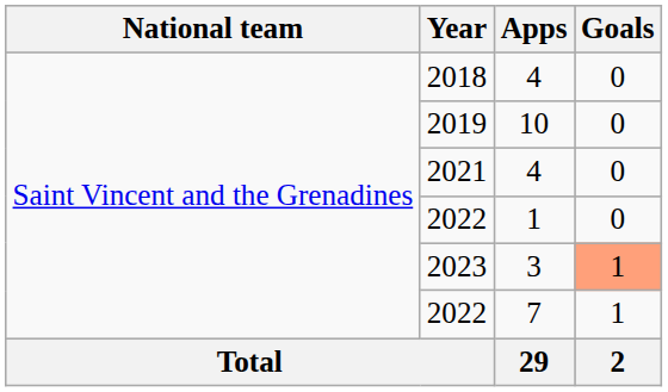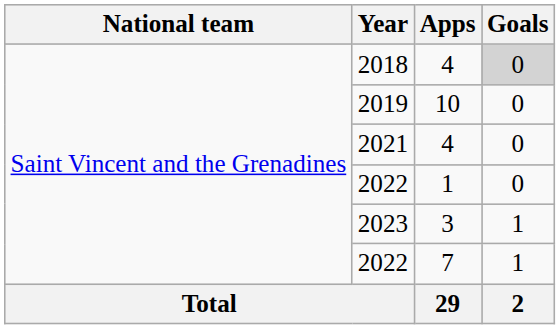 <table class="wikitable" style="text-align:center">
 <tr>
 <th>National team</th>
 <th>Year</th>
 <th>Apps</th>
 <th>Goals</th>
 </tr>
 <tr>
 <td rowspan="6"><a href='#'>Saint Vincent and the Grenadines</a></td>
 <td>2018</td>
 <td>4</td>
-<td>0</td>
+<td style="background: lightgrey;">0</td>
 </tr>
 <tr>
 <td>2019</td>
 <td>10</td>
 <td>0</td>
 </tr>
 <tr>
 <td>2021</td>
 <td>4</td>
 <td>0</td>
 </tr>
 <tr>
 <td>2022</td>
 <td>1</td>
 <td>0</td>
 </tr>
 <tr>
 <td>2023</td>
 <td>3</td>
-<td style="background: lightsalmon;">1</td>
+<td>1</td>
 </tr>
 <tr>
 <td>2022</td>
 <td>7</td>
 <td>1</td>
 </tr>
 <tr>
 <th colspan=2>Total</th>
 <th>29</th>
 <th>2</th>
 </tr>
 </table>
